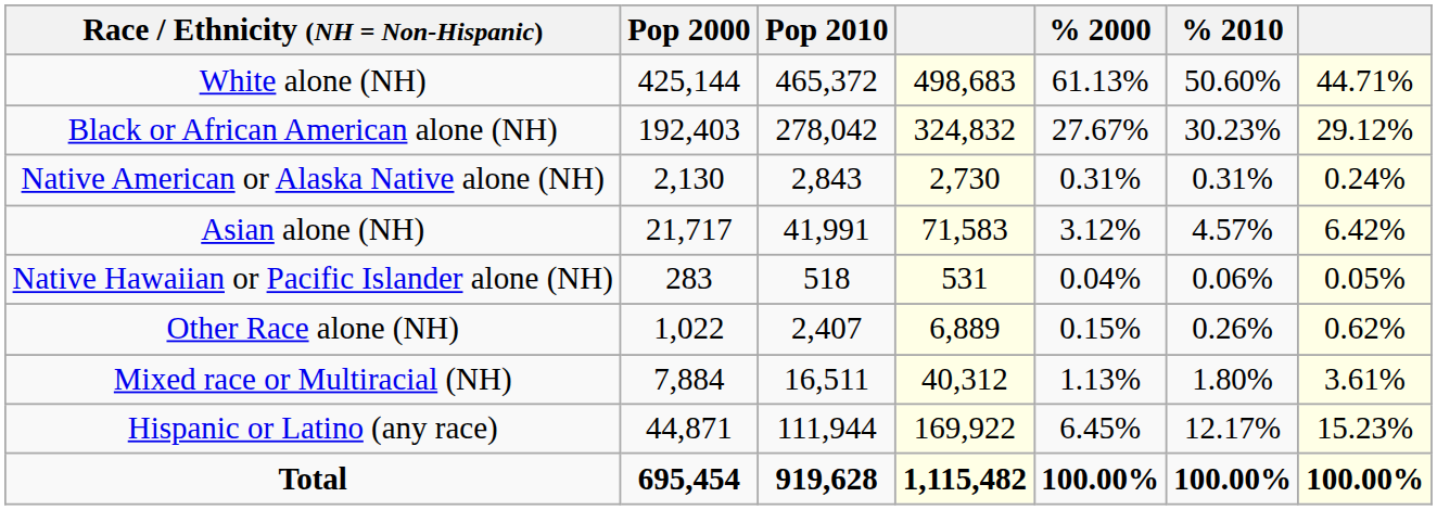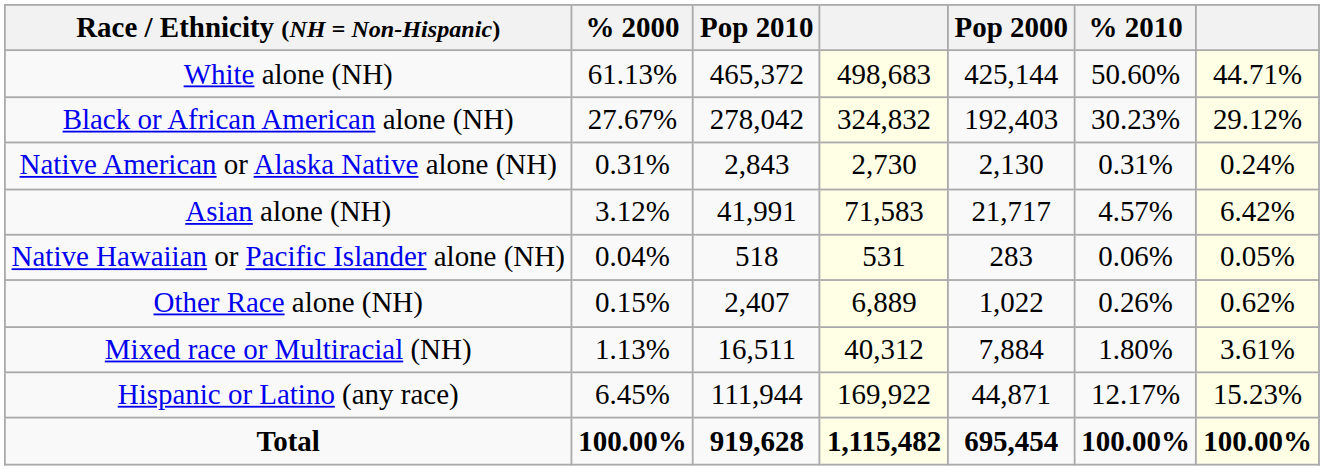 <table class="wikitable" style="text-align:center;">
 <tr>
 <th>Race / Ethnicity <small>(<em>NH = Non-Hispanic</em>)</small></th>
-<th>Pop 2000</th>
+<th>% 2000</th>
 <th>Pop 2010</th>
 <th></th>
-<th>% 2000</th>
+<th>Pop 2000</th>
 <th>% 2010</th>
 <th></th>
 </tr>
 <tr>
 <td><a href='#'>White</a> alone (NH)</td>
-<td>425,144</td>
+<td>61.13%</td>
 <td>465,372</td>
 <td style='background: #ffffe6;'>498,683</td>
-<td>61.13%</td>
+<td>425,144</td>
 <td>50.60%</td>
 <td style='background: #ffffe6;'>44.71%</td>
 </tr>
 <tr>
 <td><a href='#'>Black or African American</a> alone (NH)</td>
-<td>192,403</td>
+<td>27.67%</td>
 <td>278,042</td>
 <td style='background: #ffffe6;'>324,832</td>
-<td>27.67%</td>
+<td>192,403</td>
 <td>30.23%</td>
 <td style='background: #ffffe6;'>29.12%</td>
 </tr>
 <tr>
 <td><a href='#'>Native American</a> or <a href='#'>Alaska Native</a> alone (NH)</td>
-<td>2,130</td>
+<td>0.31%</td>
 <td>2,843</td>
 <td style='background: #ffffe6;'>2,730</td>
-<td>0.31%</td>
+<td>2,130</td>
 <td>0.31%</td>
 <td style='background: #ffffe6;'>0.24%</td>
 </tr>
 <tr>
 <td><a href='#'>Asian</a> alone (NH)</td>
-<td>21,717</td>
+<td>3.12%</td>
 <td>41,991</td>
 <td style='background: #ffffe6;'>71,583</td>
-<td>3.12%</td>
+<td>21,717</td>
 <td>4.57%</td>
 <td style='background: #ffffe6;'>6.42%</td>
 </tr>
 <tr>
 <td><a href='#'>Native Hawaiian</a> or <a href='#'>Pacific Islander</a> alone (NH)</td>
-<td>283</td>
+<td>0.04%</td>
 <td>518</td>
 <td style='background: #ffffe6;'>531</td>
-<td>0.04%</td>
+<td>283</td>
 <td>0.06%</td>
 <td style='background: #ffffe6;'>0.05%</td>
 </tr>
 <tr>
 <td><a href='#'>Other Race</a> alone (NH)</td>
-<td>1,022</td>
+<td>0.15%</td>
 <td>2,407</td>
 <td style='background: #ffffe6;'>6,889</td>
-<td>0.15%</td>
+<td>1,022</td>
 <td>0.26%</td>
 <td style='background: #ffffe6;'>0.62%</td>
 </tr>
 <tr>
 <td><a href='#'>Mixed race or Multiracial</a> (NH)</td>
-<td>7,884</td>
+<td>1.13%</td>
 <td>16,511</td>
 <td style='background: #ffffe6;'>40,312</td>
-<td>1.13%</td>
+<td>7,884</td>
 <td>1.80%</td>
 <td style='background: #ffffe6;'>3.61%</td>
 </tr>
 <tr>
 <td><a href='#'>Hispanic or Latino</a> (any race)</td>
-<td>44,871</td>
+<td>6.45%</td>
 <td>111,944</td>
 <td style='background: #ffffe6;'>169,922</td>
-<td>6.45%</td>
+<td>44,871</td>
 <td>12.17%</td>
 <td style='background: #ffffe6;'>15.23%</td>
 </tr>
 <tr>
 <td><strong>Total</strong></td>
-<td><strong>695,454</strong></td>
+<td><strong>100.00%</strong></td>
 <td><strong>919,628</strong></td>
 <td style='background: #ffffe6;'><strong>1,115,482</strong></td>
-<td><strong>100.00%</strong></td>
+<td><strong>695,454</strong></td>
 <td><strong>100.00%</strong></td>
 <td style='background: #ffffe6;'><strong>100.00%</strong></td>
 </tr>
 </table>
